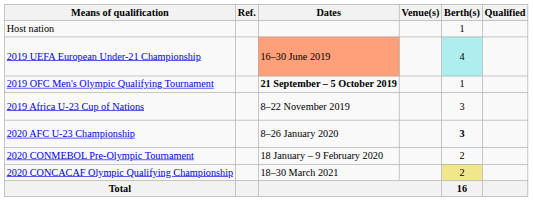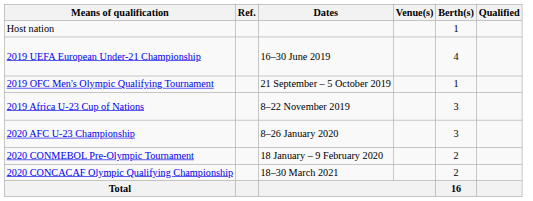 <table class="wikitable">
 <tr>
 <th>Means of qualification</th>
 <th>Ref.</th>
 <th>Dates</th>
 <th>Venue(s)</th>
 <th>Berth(s)</th>
 <th>Qualified</th>
 </tr>
 <tr>
 <td>Host nation</td>
 <td></td>
 <td></td>
 <td></td>
 <td align="center">1</td>
 <td></td>
 </tr>
 <tr>
 <td><a href='#'>2019 UEFA European Under-21 Championship</a></td>
 <td></td>
-<td style="background: lightsalmon;">16–30 June 2019</td>
+<td>16–30 June 2019</td>
 <td><br></td>
-<td align=center style="background: paleturquoise;">4</td>
+<td align=center>4</td>
 <td><br><br><br></td>
 </tr>
 <tr>
 <td><a href='#'>2019 OFC Men's Olympic Qualifying Tournament</a></td>
 <td></td>
-<td><strong>21 September – 5 October 2019</strong></td>
+<td>21 September – 5 October 2019</td>
 <td></td>
 <td align=center>1</td>
 <td></td>
 </tr>
 <tr>
 <td><a href='#'>2019 Africa U-23 Cup of Nations</a></td>
 <td></td>
 <td>8–22 November 2019</td>
 <td></td>
 <td align=center>3</td>
 <td><br><br></td>
 </tr>
 <tr>
 <td><a href='#'>2020 AFC U-23 Championship</a></td>
 <td></td>
 <td>8–26 January 2020</td>
 <td></td>
-<td align=center><strong>3</strong></td>
+<td align=center>3</td>
 <td><br><br></td>
 </tr>
 <tr>
 <td><a href='#'>2020 CONMEBOL Pre-Olympic Tournament</a></td>
 <td></td>
 <td>18 January – 9 February 2020</td>
 <td></td>
 <td align=center>2</td>
 <td><br></td>
 </tr>
 <tr>
 <td><a href='#'>2020 CONCACAF Olympic Qualifying Championship</a></td>
 <td></td>
 <td>18–30 March 2021</td>
 <td></td>
-<td align=center style="background: khaki;">2</td>
+<td align=center>2</td>
 <td><br></td>
 </tr>
 <tr>
 <th>Total</th>
 <th></th>
 <th colspan=2> </th>
 <th>16</th>
 <th></th>
 </tr>
 </table>
